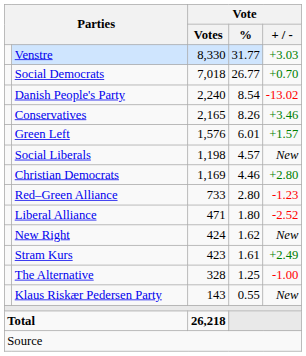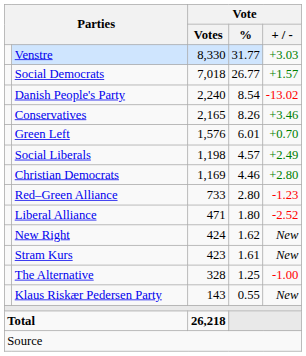 <table class="wikitable" style="text-align:right;">
 <tr>
 <th style="text-align:centre;" rowspan="2" colspan="2" width="225">Parties</th>
 <th colspan="3">Vote</th>
 </tr>
 <tr>
 <th width="15">Votes</th>
 <th width="15">%</th>
 <th width="15">+ / -</th>
 </tr>
 <tr>
 <td width="2" style="color:inherit;background:"></td>
 <td bgcolor=#cfe5fe  align="left"><a href='#'>Venstre</a></td>
 <td bgcolor=#cfe5fe>8,330</td>
 <td bgcolor=#cfe5fe>31.77</td>
 <td style=color:green;>+3.03</td>
 </tr>
 <tr>
 <td width="2" style="color:inherit;background:"></td>
 <td align="left"><a href='#'>Social Democrats</a></td>
 <td>7,018</td>
 <td>26.77</td>
-<td style=color:green;>+0.70</td>
+<td style=color:green;>+1.57</td>
 </tr>
 <tr>
 <td width="2" style="color:inherit;background:"></td>
 <td align="left"><a href='#'>Danish People's Party</a></td>
 <td>2,240</td>
 <td>8.54</td>
 <td style=color:red;>-13.02</td>
 </tr>
 <tr>
 <td width="2" style="color:inherit;background:"></td>
 <td align="left"><a href='#'>Conservatives</a></td>
 <td>2,165</td>
 <td>8.26</td>
 <td style=color:green;>+3.46</td>
 </tr>
 <tr>
 <td width="2" style="color:inherit;background:"></td>
 <td align="left"><a href='#'>Green Left</a></td>
 <td>1,576</td>
 <td>6.01</td>
-<td style=color:green;>+1.57</td>
+<td style=color:green;>+0.70</td>
 </tr>
 <tr>
 <td width="2" style="color:inherit;background:"></td>
 <td align="left"><a href='#'>Social Liberals</a></td>
 <td>1,198</td>
 <td>4.57</td>
-<td><em>New</em></td>
+<td style=color:green;>+2.49</td>
 </tr>
 <tr>
 <td width="2" style="color:inherit;background:"></td>
 <td align="left"><a href='#'>Christian Democrats</a></td>
 <td>1,169</td>
 <td>4.46</td>
 <td style=color:green;>+2.80</td>
 </tr>
 <tr>
 <td width="2" style="color:inherit;background:"></td>
 <td align="left"><a href='#'>Red–Green Alliance</a></td>
 <td>733</td>
 <td>2.80</td>
 <td style=color:red;>-1.23</td>
 </tr>
 <tr>
 <td width="2" style="color:inherit;background:"></td>
 <td align="left"><a href='#'>Liberal Alliance</a></td>
 <td>471</td>
 <td>1.80</td>
 <td style=color:red;>-2.52</td>
 </tr>
 <tr>
 <td width="2" style="color:inherit;background:"></td>
 <td align="left"><a href='#'>New Right</a></td>
 <td>424</td>
 <td>1.62</td>
 <td><em>New</em></td>
 </tr>
 <tr>
 <td width="2" style="color:inherit;background:"></td>
 <td align="left"><a href='#'>Stram Kurs</a></td>
 <td>423</td>
 <td>1.61</td>
-<td style=color:green;>+2.49</td>
+<td><em>New</em></td>
 </tr>
 <tr>
 <td width="2" style="color:inherit;background:"></td>
 <td align="left"><a href='#'>The Alternative</a></td>
 <td>328</td>
 <td>1.25</td>
 <td style=color:red;>-1.00</td>
 </tr>
 <tr>
 <td width="2" style="color:inherit;background:"></td>
 <td align="left"><a href='#'>Klaus Riskær Pedersen Party</a></td>
 <td>143</td>
 <td>0.55</td>
 <td><em>New</em></td>
 </tr>
 <tr>
 <td colspan="7" bgcolor="#E9E9E9"></td>
 </tr>
 <tr>
 <td align="left" colspan="2"><strong>Total</strong></td>
 <td><strong>26,218</strong></td>
 <td bgcolor="#E9E9E9" colspan="2"></td>
 </tr>
 <tr>
 <td align="left" colspan="6">Source</td>
 </tr>
 </table>
